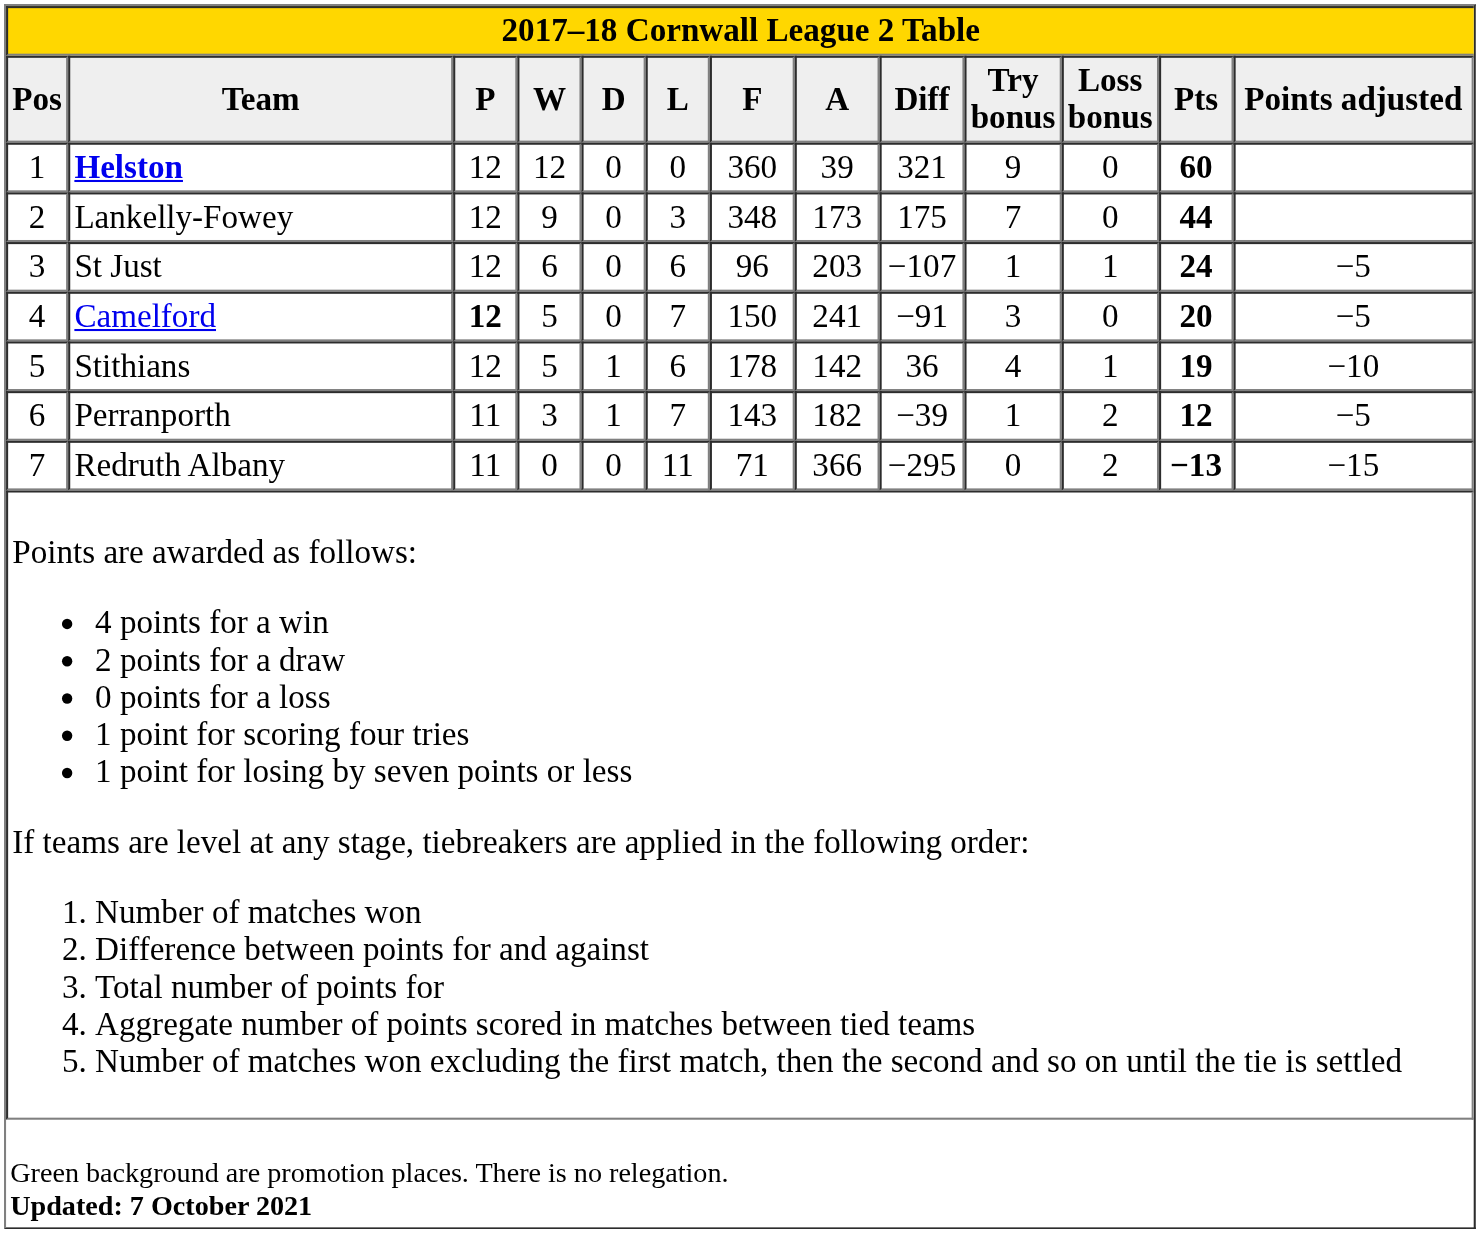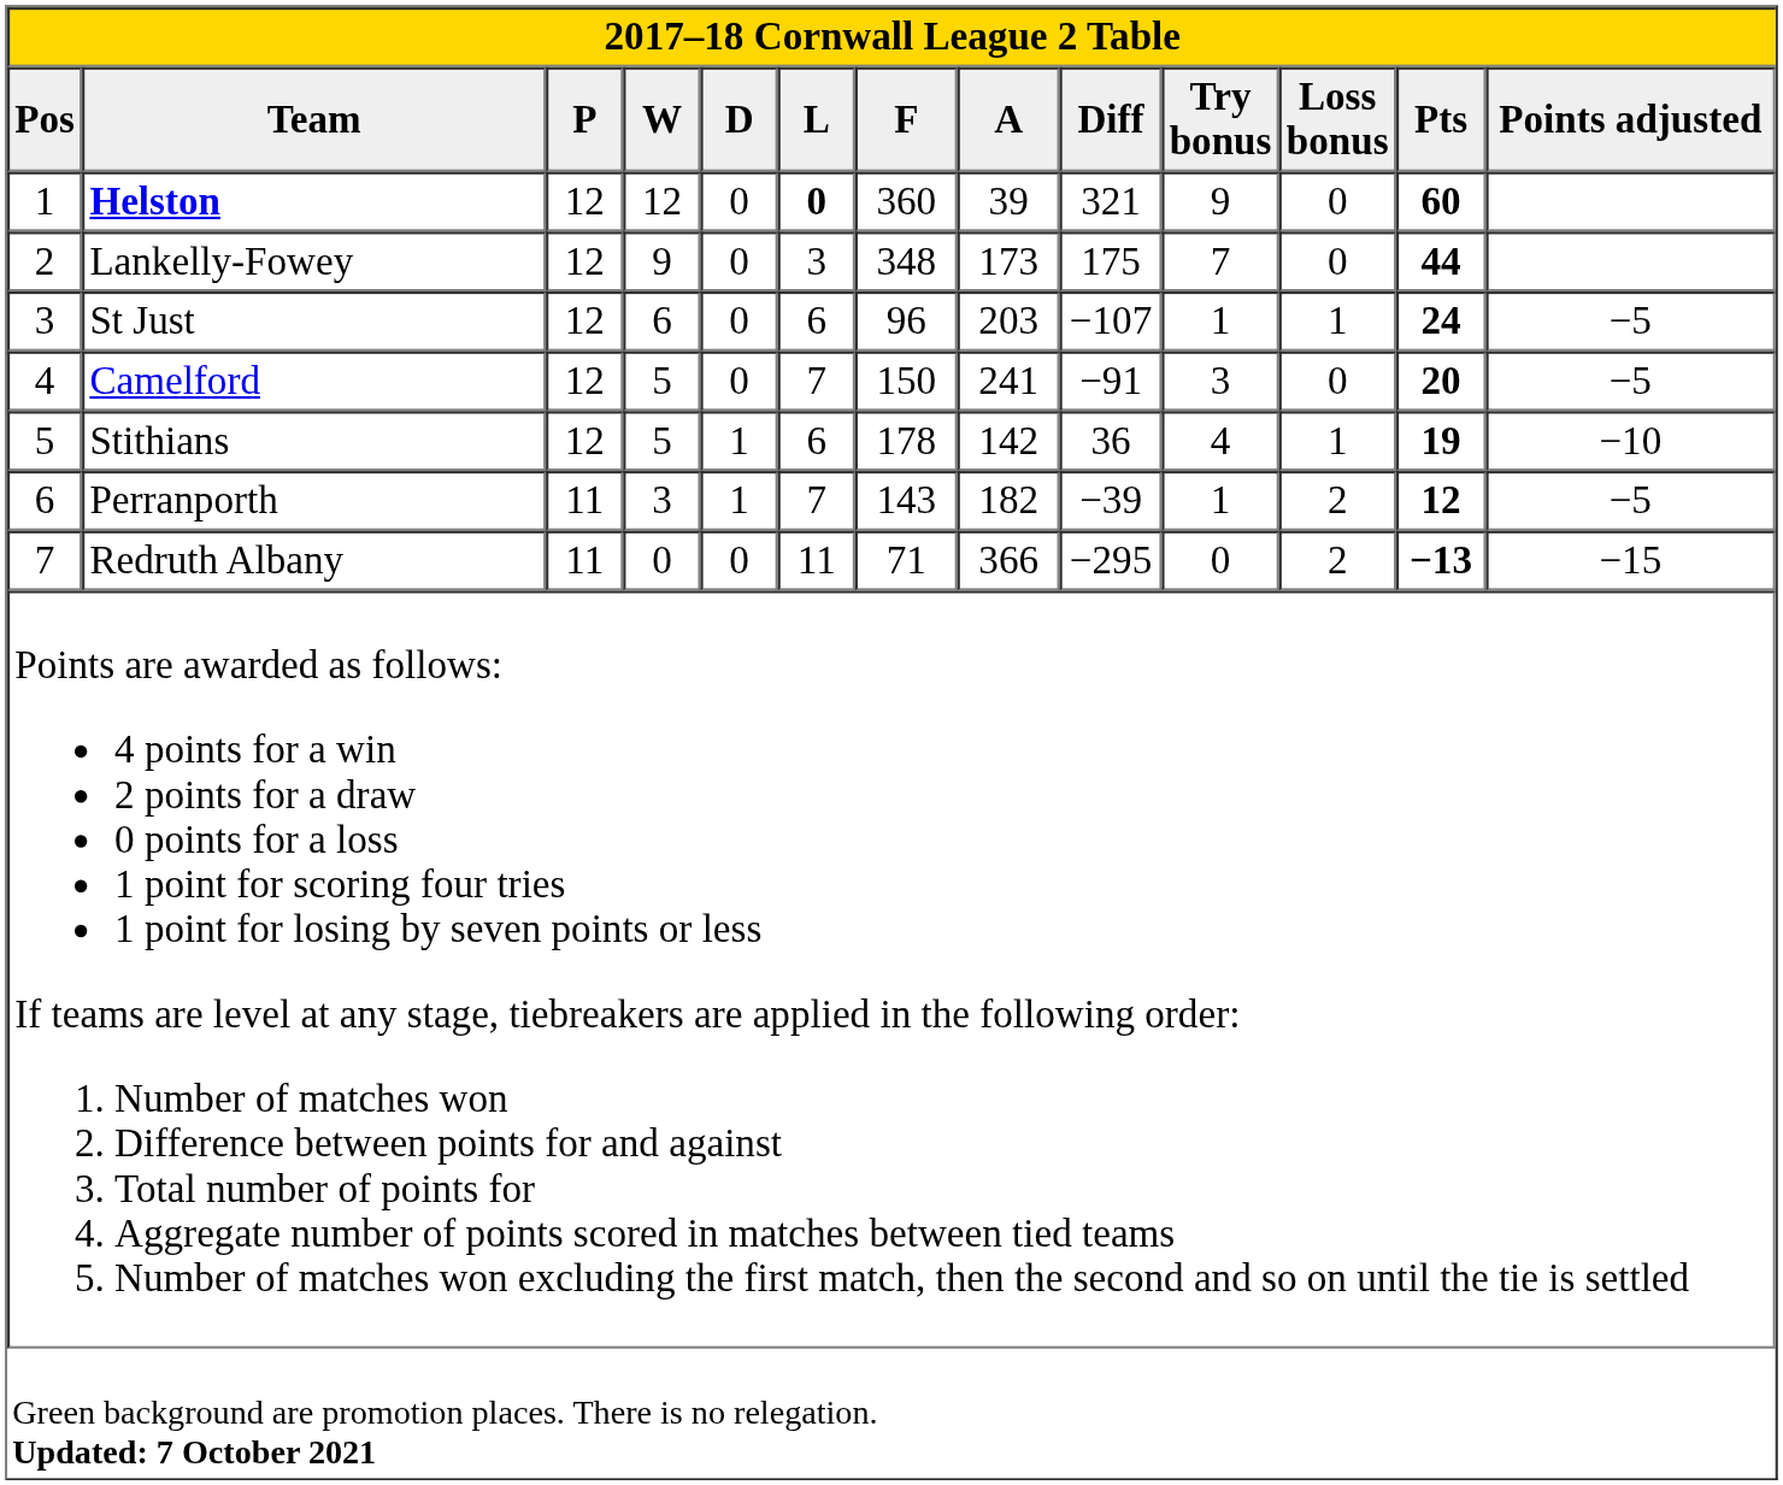 <table border="1" cellpadding="2" cellspacing="0">
 <tr bgcolor="gold">
 <th colspan=13 style="border-right:0px;";>2017–18 Cornwall League 2 Table</th>
 </tr>
 <tr bgcolor="#efefef">
 <th width="20">Pos</th>
 <th width="180">Team</th>
 <th width="25">P</th>
 <th width="25">W</th>
 <th width="25">D</th>
 <th width="25">L</th>
 <th width="35">F</th>
 <th width="35">A</th>
 <th width="35">Diff</th>
 <th width="35">Try bonus</th>
 <th width="35">Loss bonus</th>
 <th width="30">Pts</th>
 <th width="110">Points adjusted</th>
 </tr>
 <tr align=center>
 <td>1</td>
 <td align=left><strong><a href='#'>Helston</a></strong></td>
 <td>12</td>
 <td>12</td>
 <td>0</td>
-<td>0</td>
+<td><strong>0</strong></td>
 <td>360</td>
 <td>39</td>
 <td>321</td>
 <td>9</td>
 <td>0</td>
 <td><strong>60</strong></td>
 <td></td>
 </tr>
 <tr align=center>
 <td>2</td>
 <td align=left>Lankelly-Fowey</td>
 <td>12</td>
 <td>9</td>
 <td>0</td>
 <td>3</td>
 <td>348</td>
 <td>173</td>
 <td>175</td>
 <td>7</td>
 <td>0</td>
 <td><strong>44</strong></td>
 <td></td>
 </tr>
 <tr align=center>
 <td>3</td>
 <td align=left>St Just</td>
 <td>12</td>
 <td>6</td>
 <td>0</td>
 <td>6</td>
 <td>96</td>
 <td>203</td>
 <td>−107</td>
 <td>1</td>
 <td>1</td>
 <td><strong>24</strong></td>
 <td>−5</td>
 </tr>
 <tr align=center>
 <td>4</td>
 <td align=left><a href='#'>Camelford</a></td>
-<td><strong>12</strong></td>
+<td>12</td>
 <td>5</td>
 <td>0</td>
 <td>7</td>
 <td>150</td>
 <td>241</td>
 <td>−91</td>
 <td>3</td>
 <td>0</td>
 <td><strong>20</strong></td>
 <td>−5</td>
 </tr>
 <tr align=center>
 <td>5</td>
 <td align=left>Stithians</td>
 <td>12</td>
 <td>5</td>
 <td>1</td>
 <td>6</td>
 <td>178</td>
 <td>142</td>
 <td>36</td>
 <td>4</td>
 <td>1</td>
 <td><strong>19</strong></td>
 <td>−10</td>
 </tr>
 <tr align=center>
 <td>6</td>
 <td align=left>Perranporth</td>
 <td>11</td>
 <td>3</td>
 <td>1</td>
 <td>7</td>
 <td>143</td>
 <td>182</td>
 <td>−39</td>
 <td>1</td>
 <td>2</td>
 <td><strong>12</strong></td>
 <td>−5</td>
 </tr>
 <tr align=center>
 <td>7</td>
 <td align=left>Redruth Albany</td>
 <td>11</td>
 <td>0</td>
 <td>0</td>
 <td>11</td>
 <td>71</td>
 <td>366</td>
 <td>−295</td>
 <td>0</td>
 <td>2</td>
 <td><strong>−13</strong></td>
 <td>−15</td>
 </tr>
 <tr bgcolor=#ffffff>
 <td colspan="13"><br>Points are awarded as follows:<ul><li>4 points for a win</li><li>2 points for a draw</li><li>0 points for a loss</li><li>1 point for scoring four tries</li><li>1 point for losing by seven points or less</li></ul>If teams are level at any stage, tiebreakers are applied in the following order:<ol><li>Number of matches won</li><li>Difference between points for and against</li><li>Total number of points for</li><li>Aggregate number of points scored in matches between tied teams</li><li>Number of matches won excluding the first match, then the second and so on until the tie is settled</li></ol></td>
 </tr>
 <tr |align=left|>
 <td colspan="15" style="border:0px;font-size:85%;"><br><span>Green background</span> are promotion places. There is no relegation. <br> <strong>Updated: 7 October 2021</strong></td>
 </tr>
 </table>
